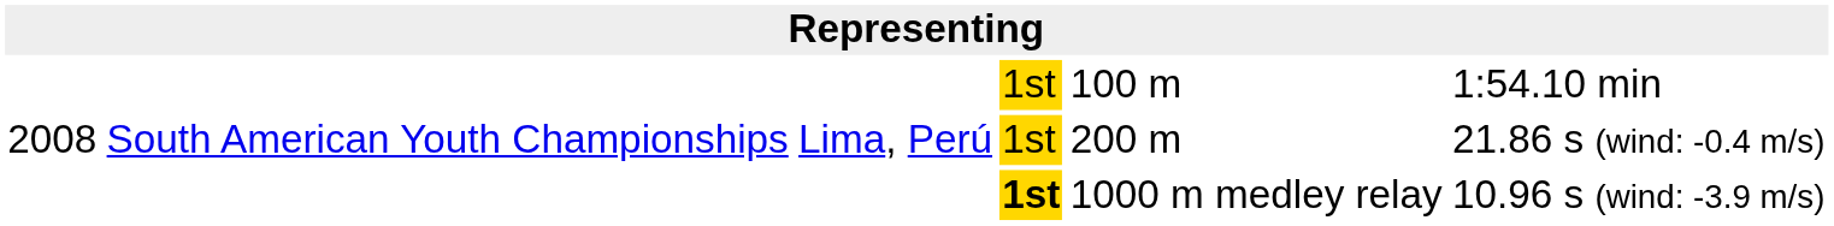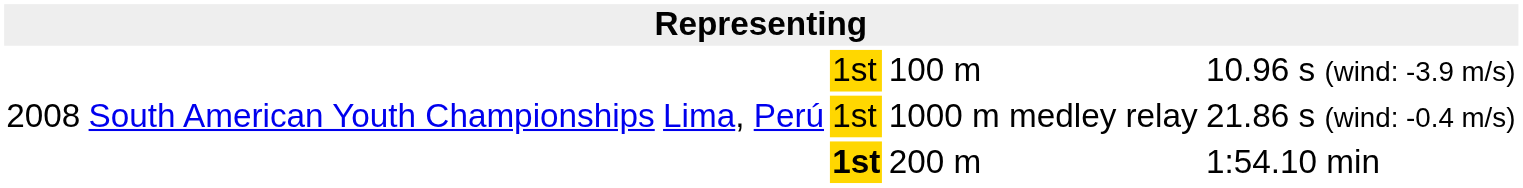 <table>
 <tr>
 <th bgcolor="#eeeeee" colspan="6">Representing </th>
 </tr>
 <tr>
 <td rowspan=3>2008</td>
 <td rowspan=3><a href='#'>South American Youth Championships</a></td>
 <td rowspan=3><a href='#'>Lima</a>, <a href='#'>Perú</a></td>
 <td bgcolor=gold>1st</td>
 <td>100 m</td>
-<td>1:54.10 min</td>
+<td>10.96 s <small>(wind: -3.9 m/s)</small></td>
 </tr>
 <tr>
 <td bgcolor=gold>1st</td>
-<td>200 m</td>
+<td>1000 m medley relay</td>
 <td>21.86 s <small>(wind: -0.4 m/s)</small></td>
 </tr>
 <tr>
 <td bgcolor=gold><strong>1st</strong></td>
-<td>1000 m medley relay</td>
-<td>10.96 s <small>(wind: -3.9 m/s)</small></td>
+<td>200 m</td>
+<td>1:54.10 min</td>
 </tr>
 </table>
